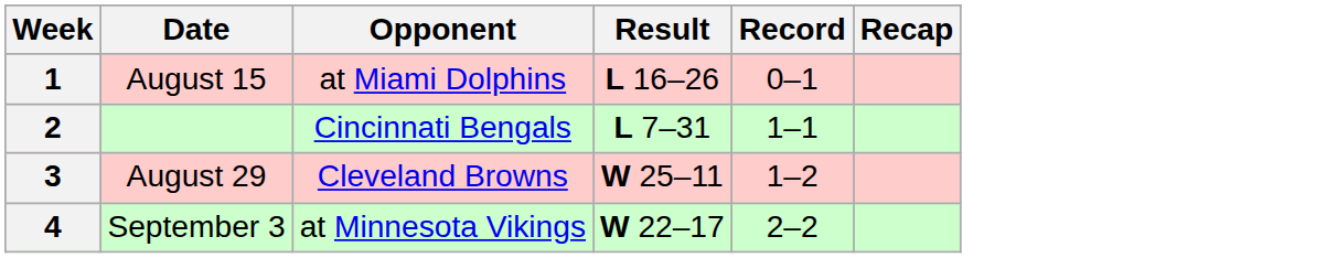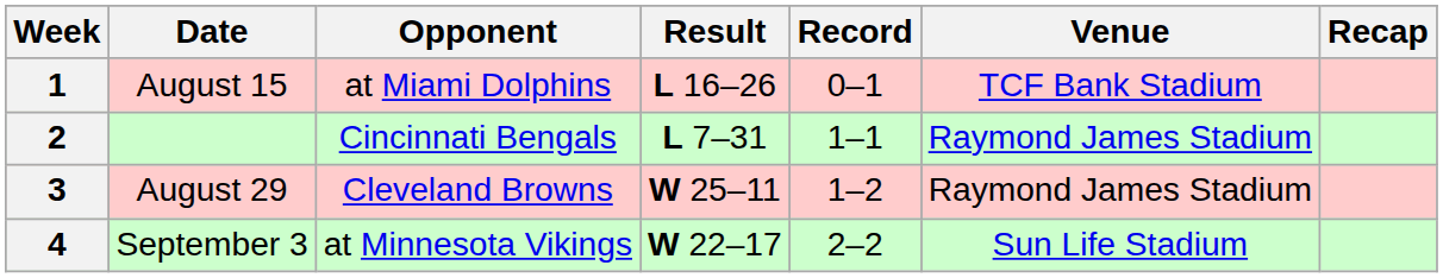 <table class="wikitable" style="text-align:center">
 <tr>
 <th>Week</th>
 <th>Date</th>
 <th>Opponent</th>
 <th>Result</th>
 <th>Record</th>
+<th>Venue</th>
 <th>Recap</th>
 </tr>
 <tr style="background:#fcc">
 <th>1</th>
 <td>August 15</td>
 <td>at <a href='#'>Miami Dolphins</a></td>
 <td><strong>L</strong> 16–26</td>
 <td>0–1</td>
+<td><a href='#'>TCF Bank Stadium</a></td>
 <td></td>
 </tr>
 <tr style="background:#cfc">
 <th>2</th>
 <td></td>
 <td><a href='#'>Cincinnati Bengals</a></td>
 <td><strong>L</strong> 7–31</td>
 <td>1–1</td>
+<td><a href='#'>Raymond James Stadium</a></td>
 <td></td>
 </tr>
 <tr style="background:#fcc">
 <th>3</th>
 <td>August 29</td>
 <td><a href='#'>Cleveland Browns</a></td>
 <td><strong>W</strong> 25–11</td>
 <td>1–2</td>
+<td>Raymond James Stadium</td>
 <td></td>
 </tr>
 <tr style="background:#cfc">
 <th>4</th>
 <td>September 3</td>
 <td>at <a href='#'>Minnesota Vikings</a></td>
 <td><strong>W</strong> 22–17</td>
 <td>2–2</td>
+<td><a href='#'>Sun Life Stadium</a></td>
 <td></td>
 </tr>
 </table>
